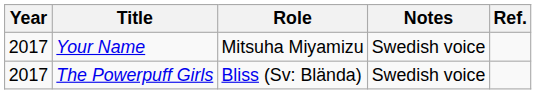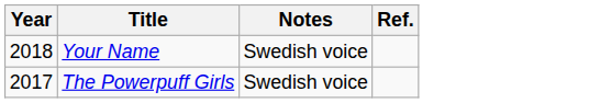 <table class="wikitable sortable">
 <tr>
 <th>Year</th>
 <th>Title</th>
-<th>Role</th>
 <th class="unsortable">Notes</th>
 <th>Ref.</th>
 </tr>
 <tr>
-<td>2017</td>
+<td>2018</td>
 <td><em><a href='#'>Your Name</a></em></td>
-<td>Mitsuha Miyamizu</td>
 <td>Swedish voice</td>
 <td></td>
 </tr>
 <tr>
 <td>2017</td>
 <td><em><a href='#'>The Powerpuff Girls</a></em></td>
-<td><a href='#'>Bliss</a> (Sv: Blända)</td>
 <td>Swedish voice</td>
 <td></td>
 </tr>
 </table>
